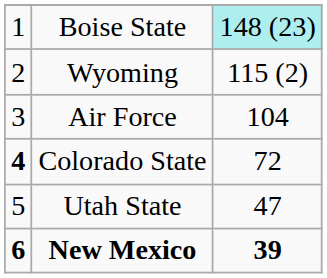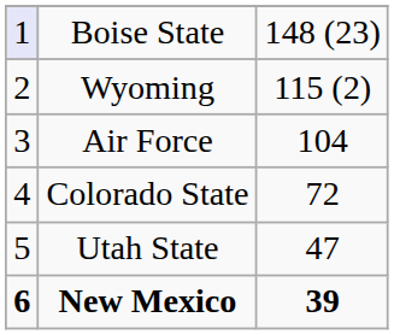 <table class="wikitable" style="display: inline-table;">
 <tr align="center">
 </tr>
 <tr align="center">
-<td>1</td>
+<td style="background: lavender;">1</td>
 <td>Boise State</td>
-<td style="background: paleturquoise;">148 (23)</td>
+<td>148 (23)</td>
 </tr>
 <tr align="center">
 <td>2</td>
 <td>Wyoming</td>
 <td>115 (2)</td>
 </tr>
 <tr align="center">
 <td>3</td>
 <td>Air Force</td>
 <td>104</td>
 </tr>
 <tr align="center">
-<td><strong>4</strong></td>
+<td>4</td>
 <td>Colorado State</td>
 <td>72</td>
 </tr>
 <tr align="center">
 <td>5</td>
 <td>Utah State</td>
 <td>47</td>
 </tr>
 <tr align="center">
 <td><strong>6</strong></td>
 <td><strong>New Mexico</strong></td>
 <td><strong>39</strong></td>
 </tr>
 </table>
